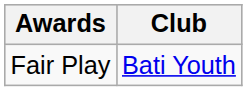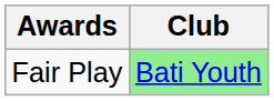 <table class="wikitable" style="font-size: 100%;">
 <tr>
 <th>Awards</th>
 <th>Club</th>
 </tr>
 <tr>
 <td>Fair Play</td>
-<td><a href='#'>Bati Youth</a></td>
+<td style="background: lightgreen;"><a href='#'>Bati Youth</a></td>
 </tr>
 </table>
